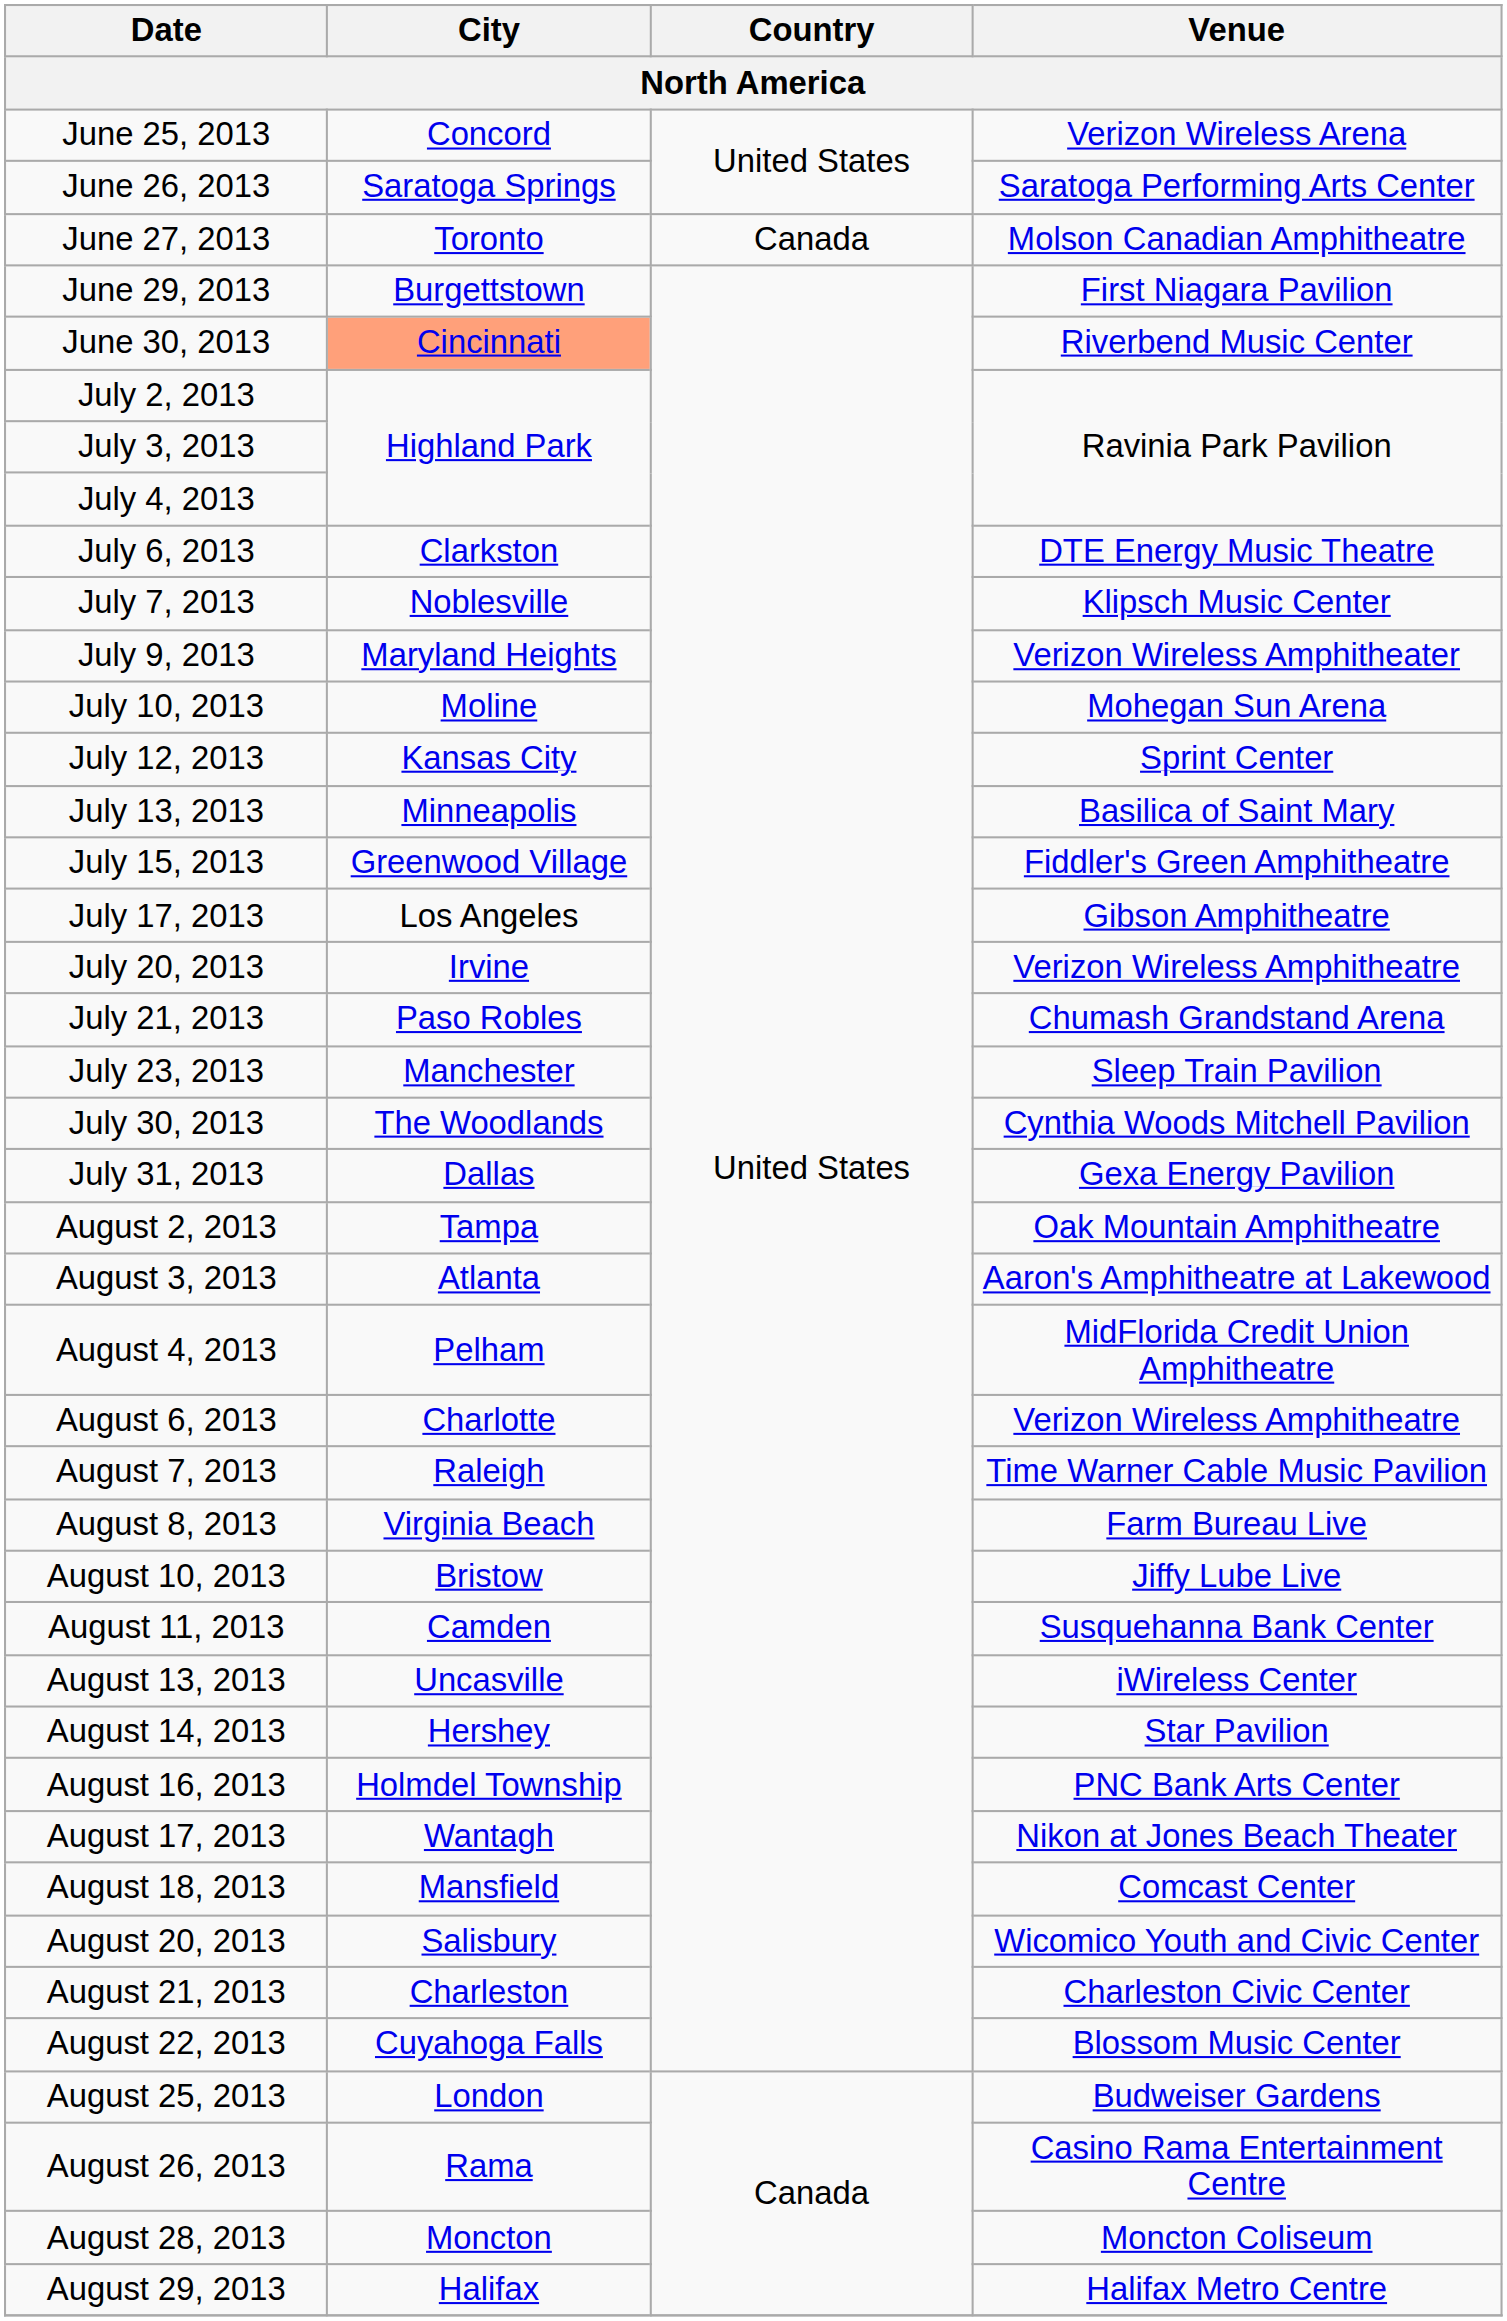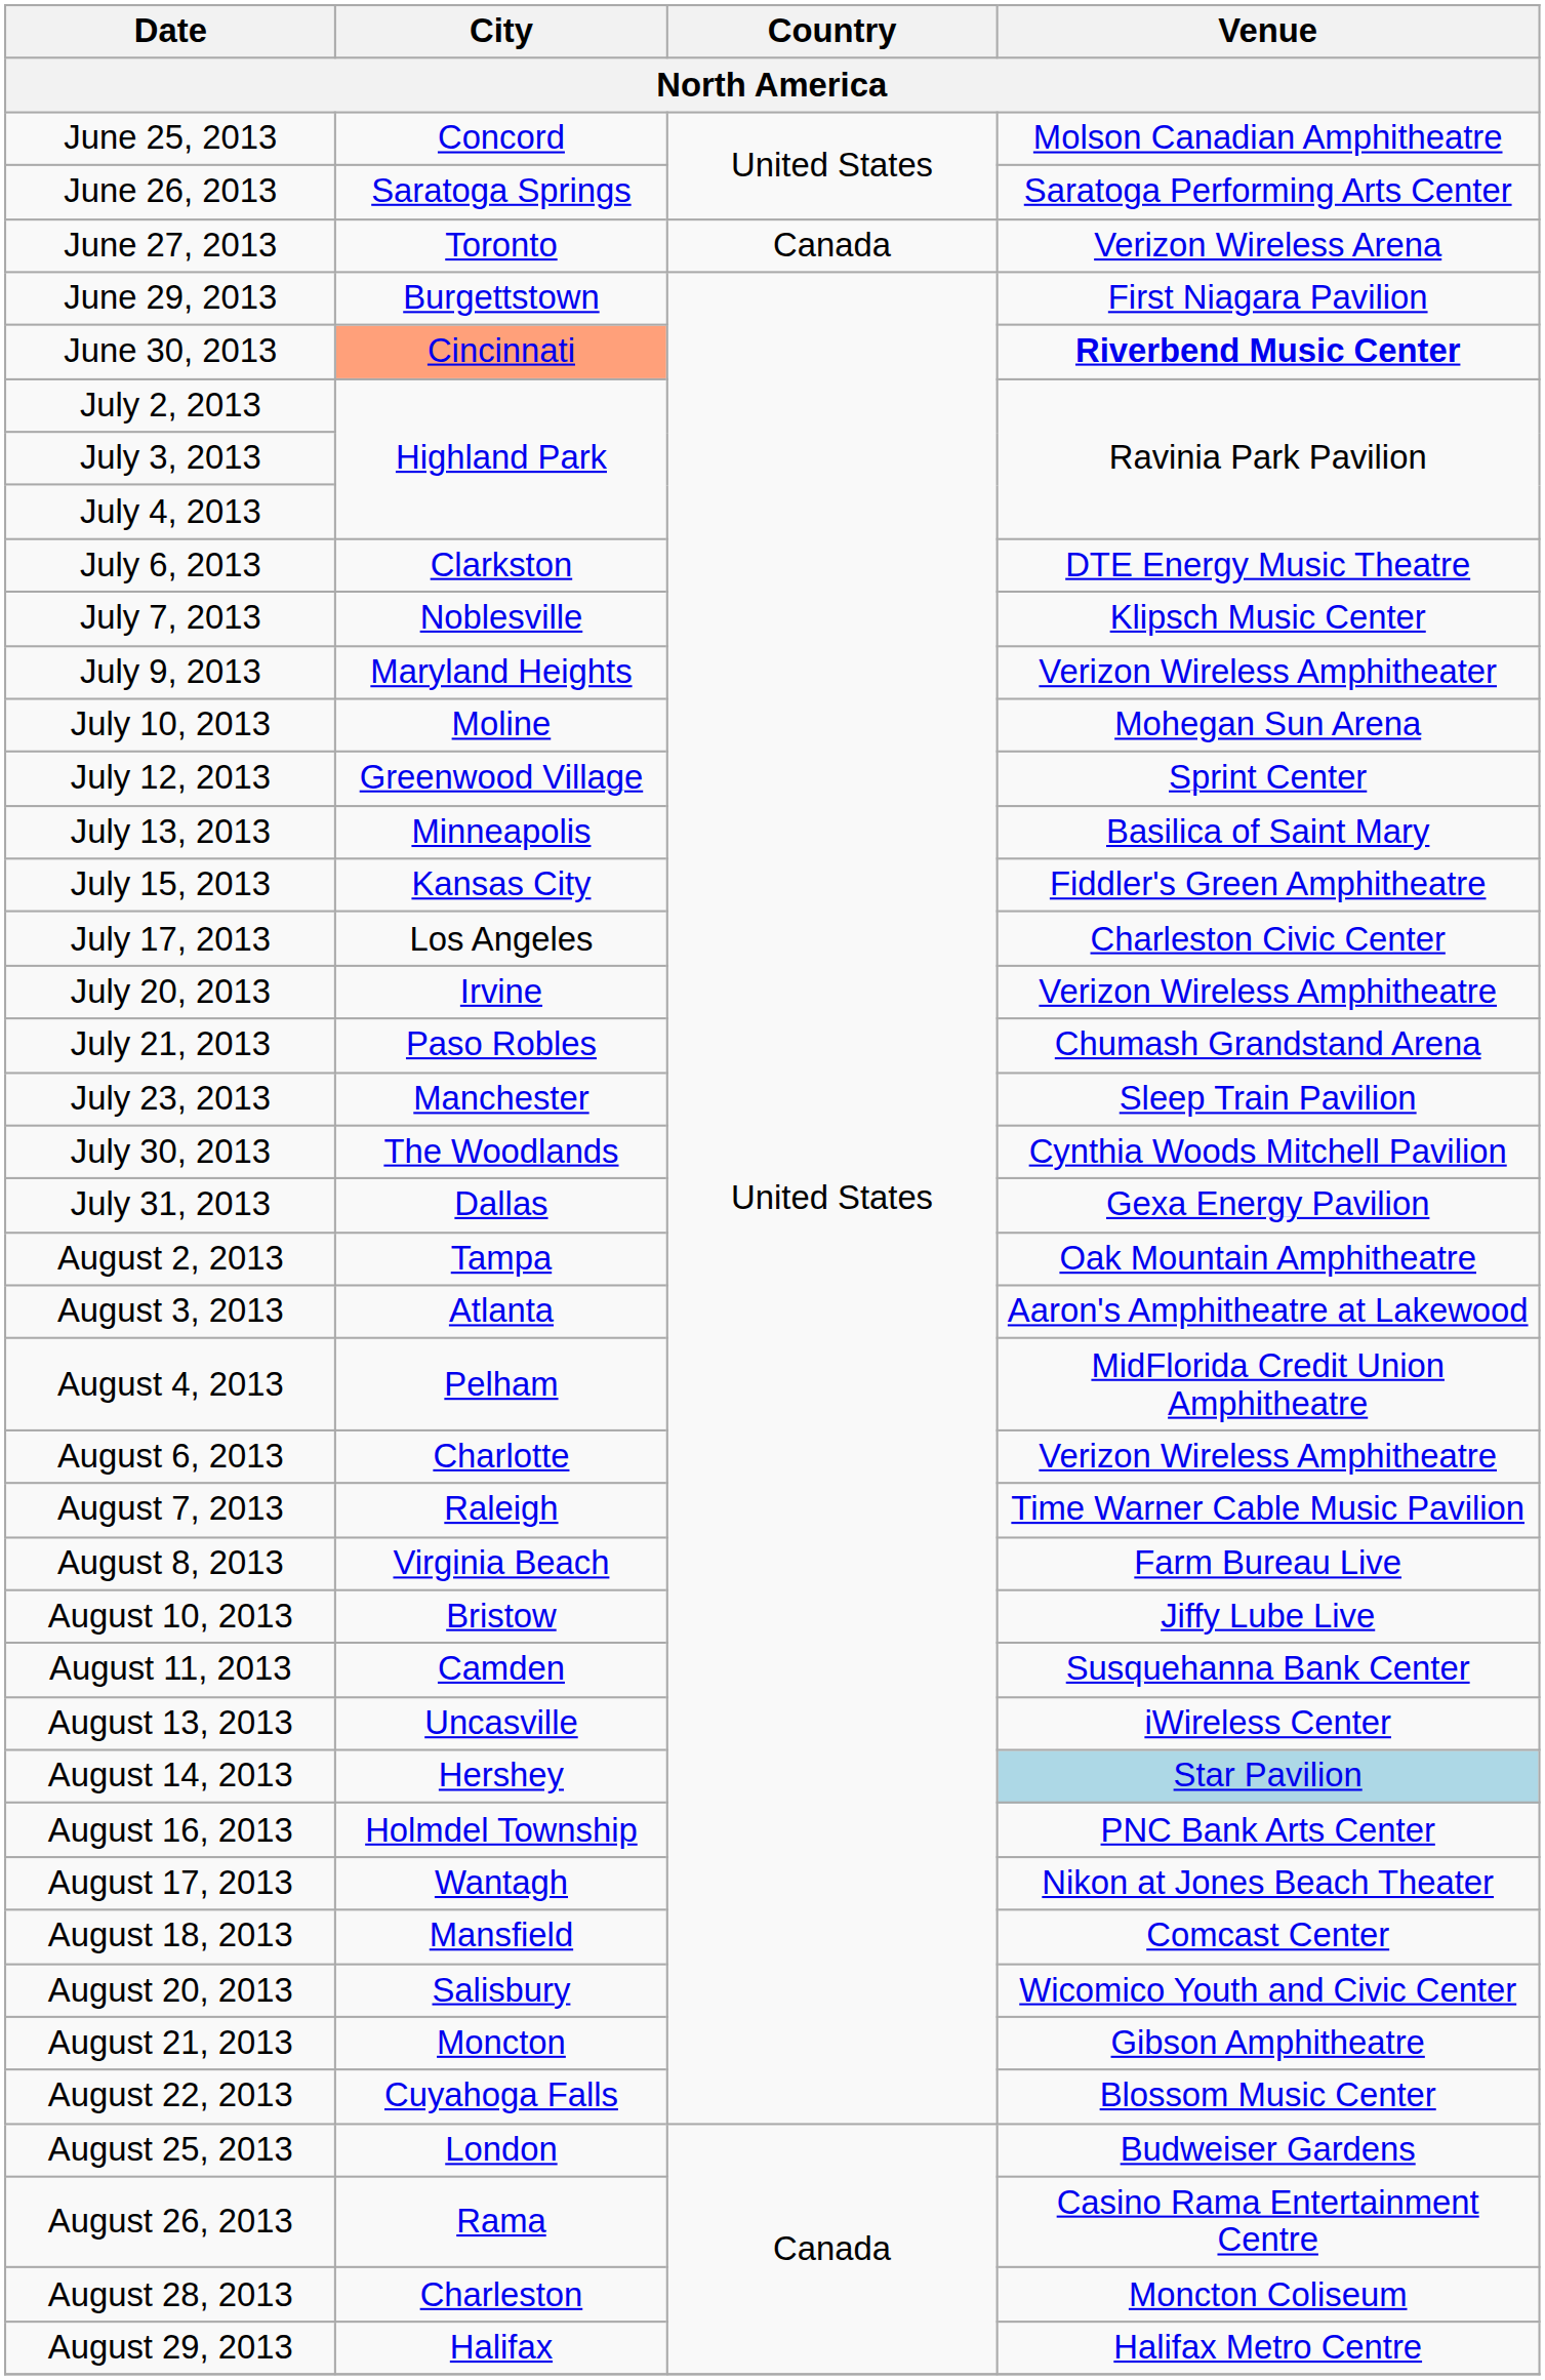 <table class="wikitable" style="text-align:center;">
 <tr>
 <th style="width:150px;">Date</th>
 <th style="width:150px;">City</th>
 <th style="width:150px;">Country</th>
 <th style="width:250px;">Venue</th>
 </tr>
 <tr>
 <th colspan="6">North America</th>
 </tr>
 <tr>
 <td>June 25, 2013</td>
 <td><a href='#'>Concord</a></td>
 <td rowspan="2">United States</td>
-<td><a href='#'>Verizon Wireless Arena</a></td>
+<td><a href='#'>Molson Canadian Amphitheatre</a></td>
 </tr>
 <tr>
 <td>June 26, 2013</td>
 <td><a href='#'>Saratoga Springs</a></td>
 <td><a href='#'>Saratoga Performing Arts Center</a></td>
 </tr>
 <tr>
 <td>June 27, 2013</td>
 <td><a href='#'>Toronto</a></td>
 <td>Canada</td>
-<td><a href='#'>Molson Canadian Amphitheatre</a></td>
+<td><a href='#'>Verizon Wireless Arena</a></td>
 </tr>
 <tr>
 <td>June 29, 2013</td>
 <td><a href='#'>Burgettstown</a></td>
 <td rowspan="34">United States</td>
 <td><a href='#'>First Niagara Pavilion</a></td>
 </tr>
 <tr>
 <td>June 30, 2013</td>
 <td style="background: lightsalmon;"><a href='#'>Cincinnati</a></td>
-<td><a href='#'>Riverbend Music Center</a></td>
+<td><strong><a href='#'>Riverbend Music Center</a></strong></td>
 </tr>
 <tr>
 <td>July 2, 2013</td>
 <td rowspan="3"><a href='#'>Highland Park</a></td>
 <td rowspan="3">Ravinia Park Pavilion</td>
 </tr>
 <tr>
 <td>July 3, 2013</td>
 </tr>
 <tr>
 <td>July 4, 2013</td>
 </tr>
 <tr>
 <td>July 6, 2013</td>
 <td><a href='#'>Clarkston</a></td>
 <td><a href='#'>DTE Energy Music Theatre</a></td>
 </tr>
 <tr>
 <td>July 7, 2013</td>
 <td><a href='#'>Noblesville</a></td>
 <td><a href='#'>Klipsch Music Center</a></td>
 </tr>
 <tr>
 <td>July 9, 2013</td>
 <td><a href='#'>Maryland Heights</a></td>
 <td><a href='#'>Verizon Wireless Amphitheater</a></td>
 </tr>
 <tr>
 <td>July 10, 2013</td>
 <td><a href='#'>Moline</a></td>
 <td><a href='#'>Mohegan Sun Arena</a></td>
 </tr>
 <tr>
 <td>July 12, 2013</td>
-<td><a href='#'>Kansas City</a></td>
+<td><a href='#'>Greenwood Village</a></td>
 <td><a href='#'>Sprint Center</a></td>
 </tr>
 <tr>
 <td>July 13, 2013</td>
 <td><a href='#'>Minneapolis</a></td>
 <td><a href='#'>Basilica of Saint Mary</a></td>
 </tr>
 <tr>
 <td>July 15, 2013</td>
-<td><a href='#'>Greenwood Village</a></td>
+<td><a href='#'>Kansas City</a></td>
 <td><a href='#'>Fiddler's Green Amphitheatre</a></td>
 </tr>
 <tr>
 <td>July 17, 2013</td>
 <td>Los Angeles</td>
-<td><a href='#'>Gibson Amphitheatre</a></td>
+<td><a href='#'>Charleston Civic Center</a></td>
 </tr>
 <tr>
 <td>July 20, 2013</td>
 <td><a href='#'>Irvine</a></td>
 <td><a href='#'>Verizon Wireless Amphitheatre</a></td>
 </tr>
 <tr>
 <td>July 21, 2013</td>
 <td><a href='#'>Paso Robles</a></td>
 <td><a href='#'>Chumash Grandstand Arena</a></td>
 </tr>
 <tr>
 <td>July 23, 2013</td>
 <td><a href='#'>Manchester</a></td>
 <td><a href='#'>Sleep Train Pavilion</a></td>
 </tr>
 <tr>
 <td>July 30, 2013</td>
 <td><a href='#'>The Woodlands</a></td>
 <td><a href='#'>Cynthia Woods Mitchell Pavilion</a></td>
 </tr>
 <tr>
 <td>July 31, 2013</td>
 <td><a href='#'>Dallas</a></td>
 <td><a href='#'>Gexa Energy Pavilion</a></td>
 </tr>
 <tr>
 <td>August 2, 2013</td>
 <td><a href='#'>Tampa</a></td>
 <td><a href='#'>Oak Mountain Amphitheatre</a></td>
 </tr>
 <tr>
 <td>August 3, 2013</td>
 <td><a href='#'>Atlanta</a></td>
 <td><a href='#'>Aaron's Amphitheatre at Lakewood</a></td>
 </tr>
 <tr>
 <td>August 4, 2013</td>
 <td><a href='#'>Pelham</a></td>
 <td><a href='#'>MidFlorida Credit Union Amphitheatre</a></td>
 </tr>
 <tr>
 <td>August 6, 2013</td>
 <td><a href='#'>Charlotte</a></td>
 <td><a href='#'>Verizon Wireless Amphitheatre</a></td>
 </tr>
 <tr>
 <td>August 7, 2013</td>
 <td><a href='#'>Raleigh</a></td>
 <td><a href='#'>Time Warner Cable Music Pavilion</a></td>
 </tr>
 <tr>
 <td>August 8, 2013</td>
 <td><a href='#'>Virginia Beach</a></td>
 <td><a href='#'>Farm Bureau Live</a></td>
 </tr>
 <tr>
 <td>August 10, 2013</td>
 <td><a href='#'>Bristow</a></td>
 <td><a href='#'>Jiffy Lube Live</a></td>
 </tr>
 <tr>
 <td>August 11, 2013</td>
 <td><a href='#'>Camden</a></td>
 <td><a href='#'>Susquehanna Bank Center</a></td>
 </tr>
 <tr>
 <td>August 13, 2013</td>
 <td><a href='#'>Uncasville</a></td>
 <td><a href='#'>iWireless Center</a></td>
 </tr>
 <tr>
 <td>August 14, 2013</td>
 <td><a href='#'>Hershey</a></td>
-<td><a href='#'>Star Pavilion</a></td>
+<td style="background: lightblue;"><a href='#'>Star Pavilion</a></td>
 </tr>
 <tr>
 <td>August 16, 2013</td>
 <td><a href='#'>Holmdel Township</a></td>
 <td><a href='#'>PNC Bank Arts Center</a></td>
 </tr>
 <tr>
 <td>August 17, 2013</td>
 <td><a href='#'>Wantagh</a></td>
 <td><a href='#'>Nikon at Jones Beach Theater</a></td>
 </tr>
 <tr>
 <td>August 18, 2013</td>
 <td><a href='#'>Mansfield</a></td>
 <td><a href='#'>Comcast Center</a></td>
 </tr>
 <tr>
 <td>August 20, 2013</td>
 <td><a href='#'>Salisbury</a></td>
 <td><a href='#'>Wicomico Youth and Civic Center</a></td>
 </tr>
 <tr>
 <td>August 21, 2013</td>
-<td><a href='#'>Charleston</a></td>
-<td><a href='#'>Charleston Civic Center</a></td>
+<td><a href='#'>Moncton</a></td>
+<td><a href='#'>Gibson Amphitheatre</a></td>
 </tr>
 <tr>
 <td>August 22, 2013</td>
 <td><a href='#'>Cuyahoga Falls</a></td>
 <td><a href='#'>Blossom Music Center</a></td>
 </tr>
 <tr>
 <td>August 25, 2013</td>
 <td><a href='#'>London</a></td>
 <td rowspan="4">Canada</td>
 <td><a href='#'>Budweiser Gardens</a></td>
 </tr>
 <tr>
 <td>August 26, 2013</td>
 <td><a href='#'>Rama</a></td>
 <td><a href='#'>Casino Rama Entertainment Centre</a></td>
 </tr>
 <tr>
 <td>August 28, 2013</td>
-<td><a href='#'>Moncton</a></td>
+<td><a href='#'>Charleston</a></td>
 <td><a href='#'>Moncton Coliseum</a></td>
 </tr>
 <tr>
 <td>August 29, 2013</td>
 <td><a href='#'>Halifax</a></td>
 <td><a href='#'>Halifax Metro Centre</a></td>
 </tr>
 <tr>
 </tr>
 </table>
